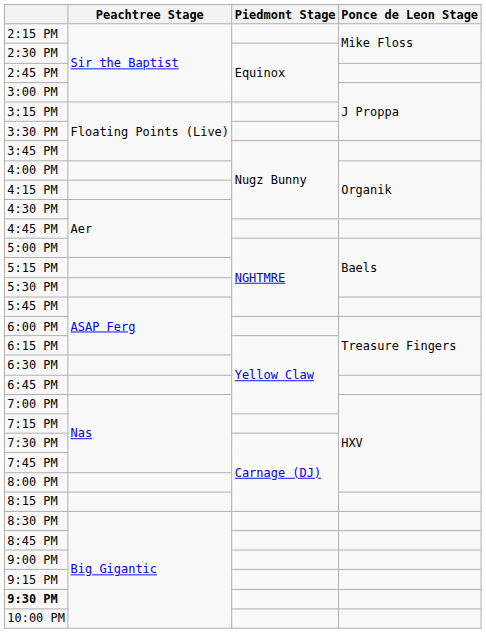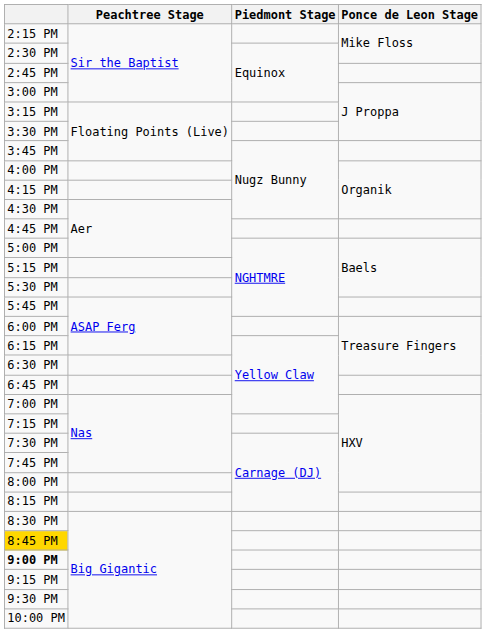 <table class="wikitable">
 <tr>
 <th></th>
 <th>Peachtree Stage</th>
 <th>Piedmont Stage</th>
 <th>Ponce de Leon Stage</th>
 </tr>
 <tr>
 <td>2:15 PM</td>
 <td rowspan="4"><a href='#'>Sir the Baptist</a></td>
 <td></td>
 <td rowspan="2">Mike Floss</td>
 </tr>
 <tr>
 <td>2:30 PM</td>
 <td rowspan="3">Equinox</td>
 </tr>
 <tr>
 <td>2:45 PM</td>
 <td></td>
 </tr>
 <tr>
 <td>3:00 PM</td>
 <td rowspan="3">J Proppa</td>
 </tr>
 <tr>
 <td>3:15 PM</td>
 <td rowspan="3">Floating Points (Live)</td>
 <td></td>
 </tr>
 <tr>
 <td>3:30 PM</td>
 <td></td>
 </tr>
 <tr>
 <td>3:45 PM</td>
 <td rowspan="4">Nugz Bunny</td>
 <td></td>
 </tr>
 <tr>
 <td>4:00 PM</td>
 <td></td>
 <td rowspan="3">Organik</td>
 </tr>
 <tr>
 <td>4:15 PM</td>
 <td></td>
 </tr>
 <tr>
 <td>4:30 PM</td>
 <td rowspan="3">Aer</td>
 </tr>
 <tr>
 <td>4:45 PM</td>
 <td></td>
 <td></td>
 </tr>
 <tr>
 <td>5:00 PM</td>
 <td rowspan="4"><a href='#'>NGHTMRE</a></td>
 <td rowspan="3">Baels</td>
 </tr>
 <tr>
 <td>5:15 PM</td>
 <td></td>
 </tr>
 <tr>
 <td>5:30 PM</td>
 <td></td>
 </tr>
 <tr>
 <td>5:45 PM</td>
 <td rowspan="3"><a href='#'>ASAP Ferg</a></td>
 <td></td>
 </tr>
 <tr>
 <td>6:00 PM</td>
 <td></td>
 <td rowspan="3">Treasure Fingers</td>
 </tr>
 <tr>
 <td>6:15 PM</td>
 <td rowspan="4"><a href='#'>Yellow Claw</a></td>
 </tr>
 <tr>
 <td>6:30 PM</td>
 <td></td>
 </tr>
 <tr>
 <td>6:45 PM</td>
 <td></td>
 <td></td>
 </tr>
 <tr>
 <td>7:00 PM</td>
 <td rowspan="4"><a href='#'>Nas</a></td>
 <td rowspan="5">HXV</td>
 </tr>
 <tr>
 <td>7:15 PM</td>
 <td></td>
 </tr>
 <tr>
 <td>7:30 PM</td>
 <td rowspan="4"><a href='#'>Carnage (DJ)</a></td>
 </tr>
 <tr>
 <td>7:45 PM</td>
 </tr>
 <tr>
 <td>8:00 PM</td>
 <td></td>
 </tr>
 <tr>
 <td>8:15 PM</td>
 <td></td>
 <td></td>
 </tr>
 <tr>
 <td>8:30 PM</td>
 <td rowspan="6"><a href='#'>Big Gigantic</a></td>
 <td></td>
 <td></td>
 </tr>
 <tr>
-<td>8:45 PM</td>
+<td style="background: gold;">8:45 PM</td>
 <td></td>
 <td></td>
 </tr>
 <tr>
-<td>9:00 PM</td>
+<td><strong>9:00 PM</strong></td>
 <td></td>
 <td></td>
 </tr>
 <tr>
 <td>9:15 PM</td>
 <td></td>
 <td></td>
 </tr>
 <tr>
-<td><strong>9:30 PM</strong></td>
+<td>9:30 PM</td>
 <td></td>
 <td></td>
 </tr>
 <tr>
 <td>10:00 PM</td>
 <td></td>
 <td></td>
 </tr>
 </table>
